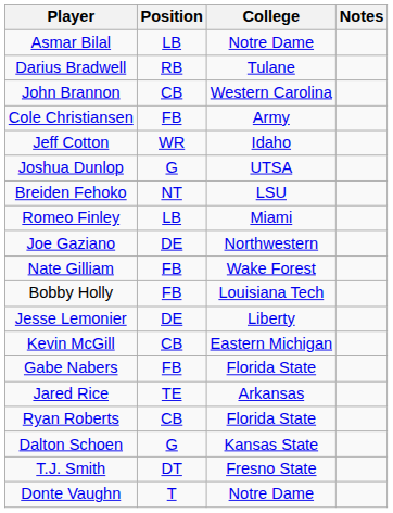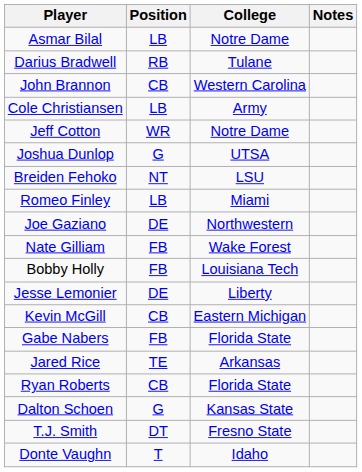 <table class="wikitable" style="text-align:center">
 <tr>
 <th>Player</th>
 <th>Position</th>
 <th>College</th>
 <th>Notes</th>
 </tr>
 <tr>
 <td><a href='#'>Asmar Bilal</a></td>
 <td><a href='#'>LB</a></td>
 <td><a href='#'>Notre Dame</a></td>
 <td></td>
 </tr>
 <tr>
 <td><a href='#'>Darius Bradwell</a></td>
 <td><a href='#'>RB</a></td>
 <td><a href='#'>Tulane</a></td>
 <td></td>
 </tr>
 <tr>
 <td><a href='#'>John Brannon</a></td>
 <td><a href='#'>CB</a></td>
 <td><a href='#'>Western Carolina</a></td>
 <td></td>
 </tr>
 <tr>
 <td><a href='#'>Cole Christiansen</a></td>
-<td><a href='#'>FB</a></td>
+<td><a href='#'>LB</a></td>
 <td><a href='#'>Army</a></td>
 <td></td>
 </tr>
 <tr>
 <td><a href='#'>Jeff Cotton</a></td>
 <td><a href='#'>WR</a></td>
-<td><a href='#'>Idaho</a></td>
+<td><a href='#'>Notre Dame</a></td>
 <td></td>
 </tr>
 <tr>
 <td><a href='#'>Joshua Dunlop</a></td>
 <td><a href='#'>G</a></td>
 <td><a href='#'>UTSA</a></td>
 <td></td>
 </tr>
 <tr>
 <td><a href='#'>Breiden Fehoko</a></td>
 <td><a href='#'>NT</a></td>
 <td><a href='#'>LSU</a></td>
 <td></td>
 </tr>
 <tr>
 <td><a href='#'>Romeo Finley</a></td>
 <td><a href='#'>LB</a></td>
 <td><a href='#'>Miami</a></td>
 <td></td>
 </tr>
 <tr>
 <td><a href='#'>Joe Gaziano</a></td>
 <td><a href='#'>DE</a></td>
 <td><a href='#'>Northwestern</a></td>
 <td></td>
 </tr>
 <tr>
 <td><a href='#'>Nate Gilliam</a></td>
 <td><a href='#'>FB</a></td>
 <td><a href='#'>Wake Forest</a></td>
 <td></td>
 </tr>
 <tr>
 <td>Bobby Holly</td>
 <td><a href='#'>FB</a></td>
 <td><a href='#'>Louisiana Tech</a></td>
 <td></td>
 </tr>
 <tr>
 <td><a href='#'>Jesse Lemonier</a></td>
 <td><a href='#'>DE</a></td>
 <td><a href='#'>Liberty</a></td>
 <td></td>
 </tr>
 <tr>
 <td><a href='#'>Kevin McGill</a></td>
 <td><a href='#'>CB</a></td>
 <td><a href='#'>Eastern Michigan</a></td>
 <td></td>
 </tr>
 <tr>
 <td><a href='#'>Gabe Nabers</a></td>
 <td><a href='#'>FB</a></td>
 <td><a href='#'>Florida State</a></td>
 <td></td>
 </tr>
 <tr>
 <td><a href='#'>Jared Rice</a></td>
 <td><a href='#'>TE</a></td>
 <td><a href='#'>Arkansas</a></td>
 <td></td>
 </tr>
 <tr>
 <td><a href='#'>Ryan Roberts</a></td>
 <td><a href='#'>CB</a></td>
 <td><a href='#'>Florida State</a></td>
 <td></td>
 </tr>
 <tr>
 <td><a href='#'>Dalton Schoen</a></td>
 <td><a href='#'>G</a></td>
 <td><a href='#'>Kansas State</a></td>
 <td></td>
 </tr>
 <tr>
 <td><a href='#'>T.J. Smith</a></td>
 <td><a href='#'>DT</a></td>
 <td><a href='#'>Fresno State</a></td>
 <td></td>
 </tr>
 <tr>
 <td><a href='#'>Donte Vaughn</a></td>
 <td><a href='#'>T</a></td>
-<td><a href='#'>Notre Dame</a></td>
+<td><a href='#'>Idaho</a></td>
 <td></td>
 </tr>
 </table>
